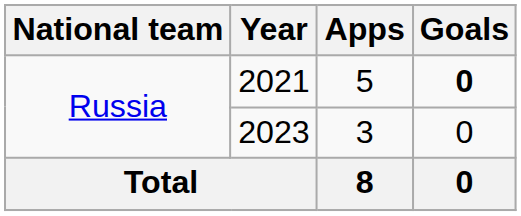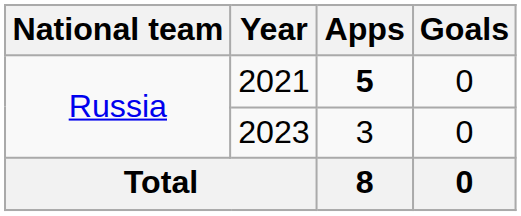 <table class=wikitable style=text-align:center>
 <tr>
 <th>National team</th>
 <th>Year</th>
 <th>Apps</th>
 <th>Goals</th>
 </tr>
 <tr>
 <td rowspan="2"><a href='#'>Russia</a></td>
 <td>2021</td>
-<td>5</td>
-<td><strong>0</strong></td>
+<td><strong>5</strong></td>
+<td>0</td>
 </tr>
 <tr>
 <td>2023</td>
 <td>3</td>
 <td>0</td>
 </tr>
 <tr>
 <th colspan="2">Total</th>
 <th>8</th>
 <th>0</th>
 </tr>
 </table>
